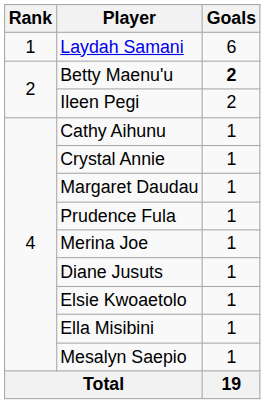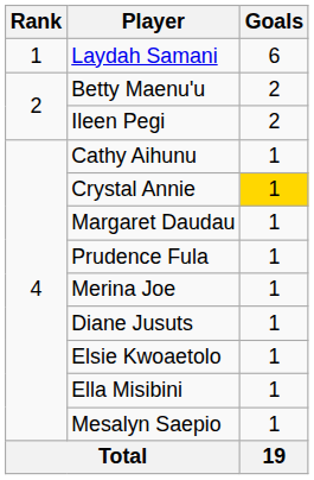 <table class="wikitable" style="text-align:center;">
 <tr>
 <th>Rank</th>
 <th>Player</th>
 <th>Goals</th>
 </tr>
 <tr>
 <td>1</td>
 <td style="text-align:left"><a href='#'>Laydah Samani</a></td>
 <td>6</td>
 </tr>
 <tr>
 <td rowspan="2">2</td>
 <td style="text-align:left">Betty Maenu'u</td>
-<td><strong>2</strong></td>
+<td>2</td>
 </tr>
 <tr>
 <td style="text-align:left">Ileen Pegi</td>
 <td>2</td>
 </tr>
 <tr>
 <td rowspan="9">4</td>
 <td style="text-align:left">Cathy Aihunu</td>
 <td>1</td>
 </tr>
 <tr>
 <td style="text-align:left">Crystal Annie</td>
-<td>1</td>
+<td style="background: gold;">1</td>
 </tr>
 <tr>
 <td style="text-align:left">Margaret Daudau</td>
 <td>1</td>
 </tr>
 <tr>
 <td style="text-align:left">Prudence Fula</td>
 <td>1</td>
 </tr>
 <tr>
 <td style="text-align:left">Merina Joe</td>
 <td>1</td>
 </tr>
 <tr>
 <td style="text-align:left">Diane Jusuts</td>
 <td>1</td>
 </tr>
 <tr>
 <td style="text-align:left">Elsie Kwoaetolo</td>
 <td>1</td>
 </tr>
 <tr>
 <td style="text-align:left">Ella Misibini</td>
 <td>1</td>
 </tr>
 <tr>
 <td style="text-align:left">Mesalyn Saepio</td>
 <td>1</td>
 </tr>
 <tr>
 <th colspan="2">Total</th>
 <th>19</th>
 </tr>
 </table>
